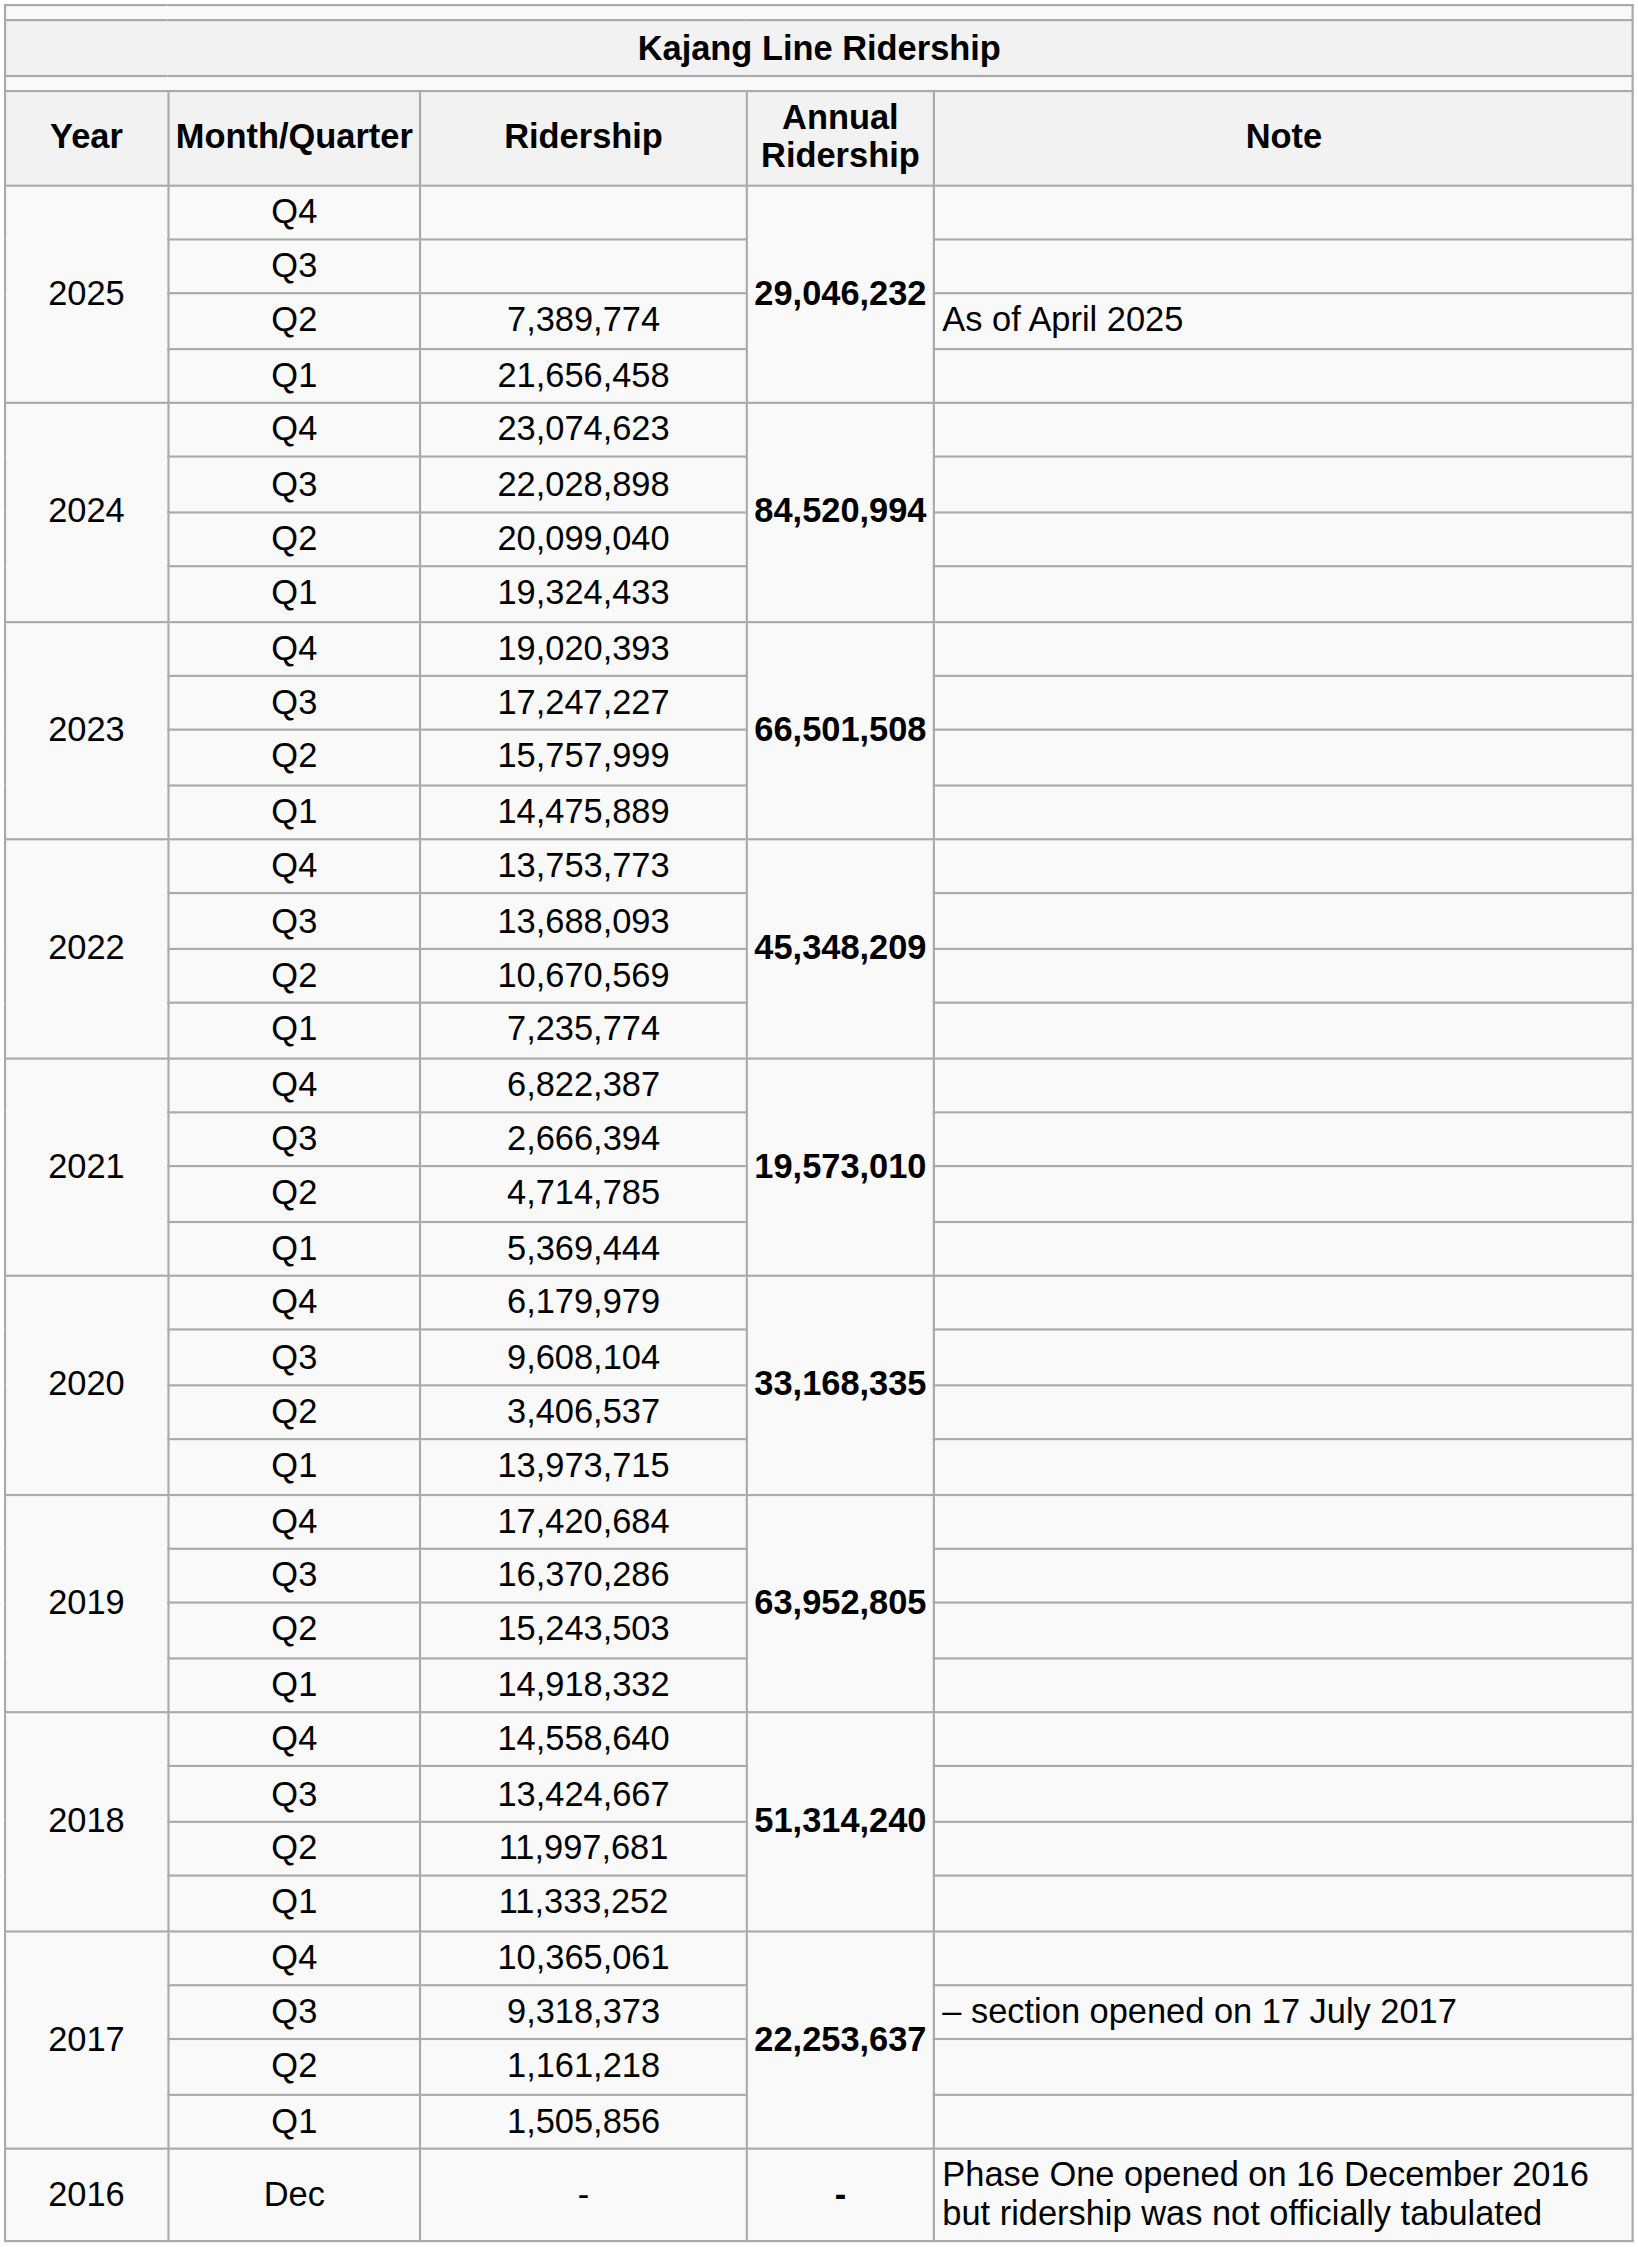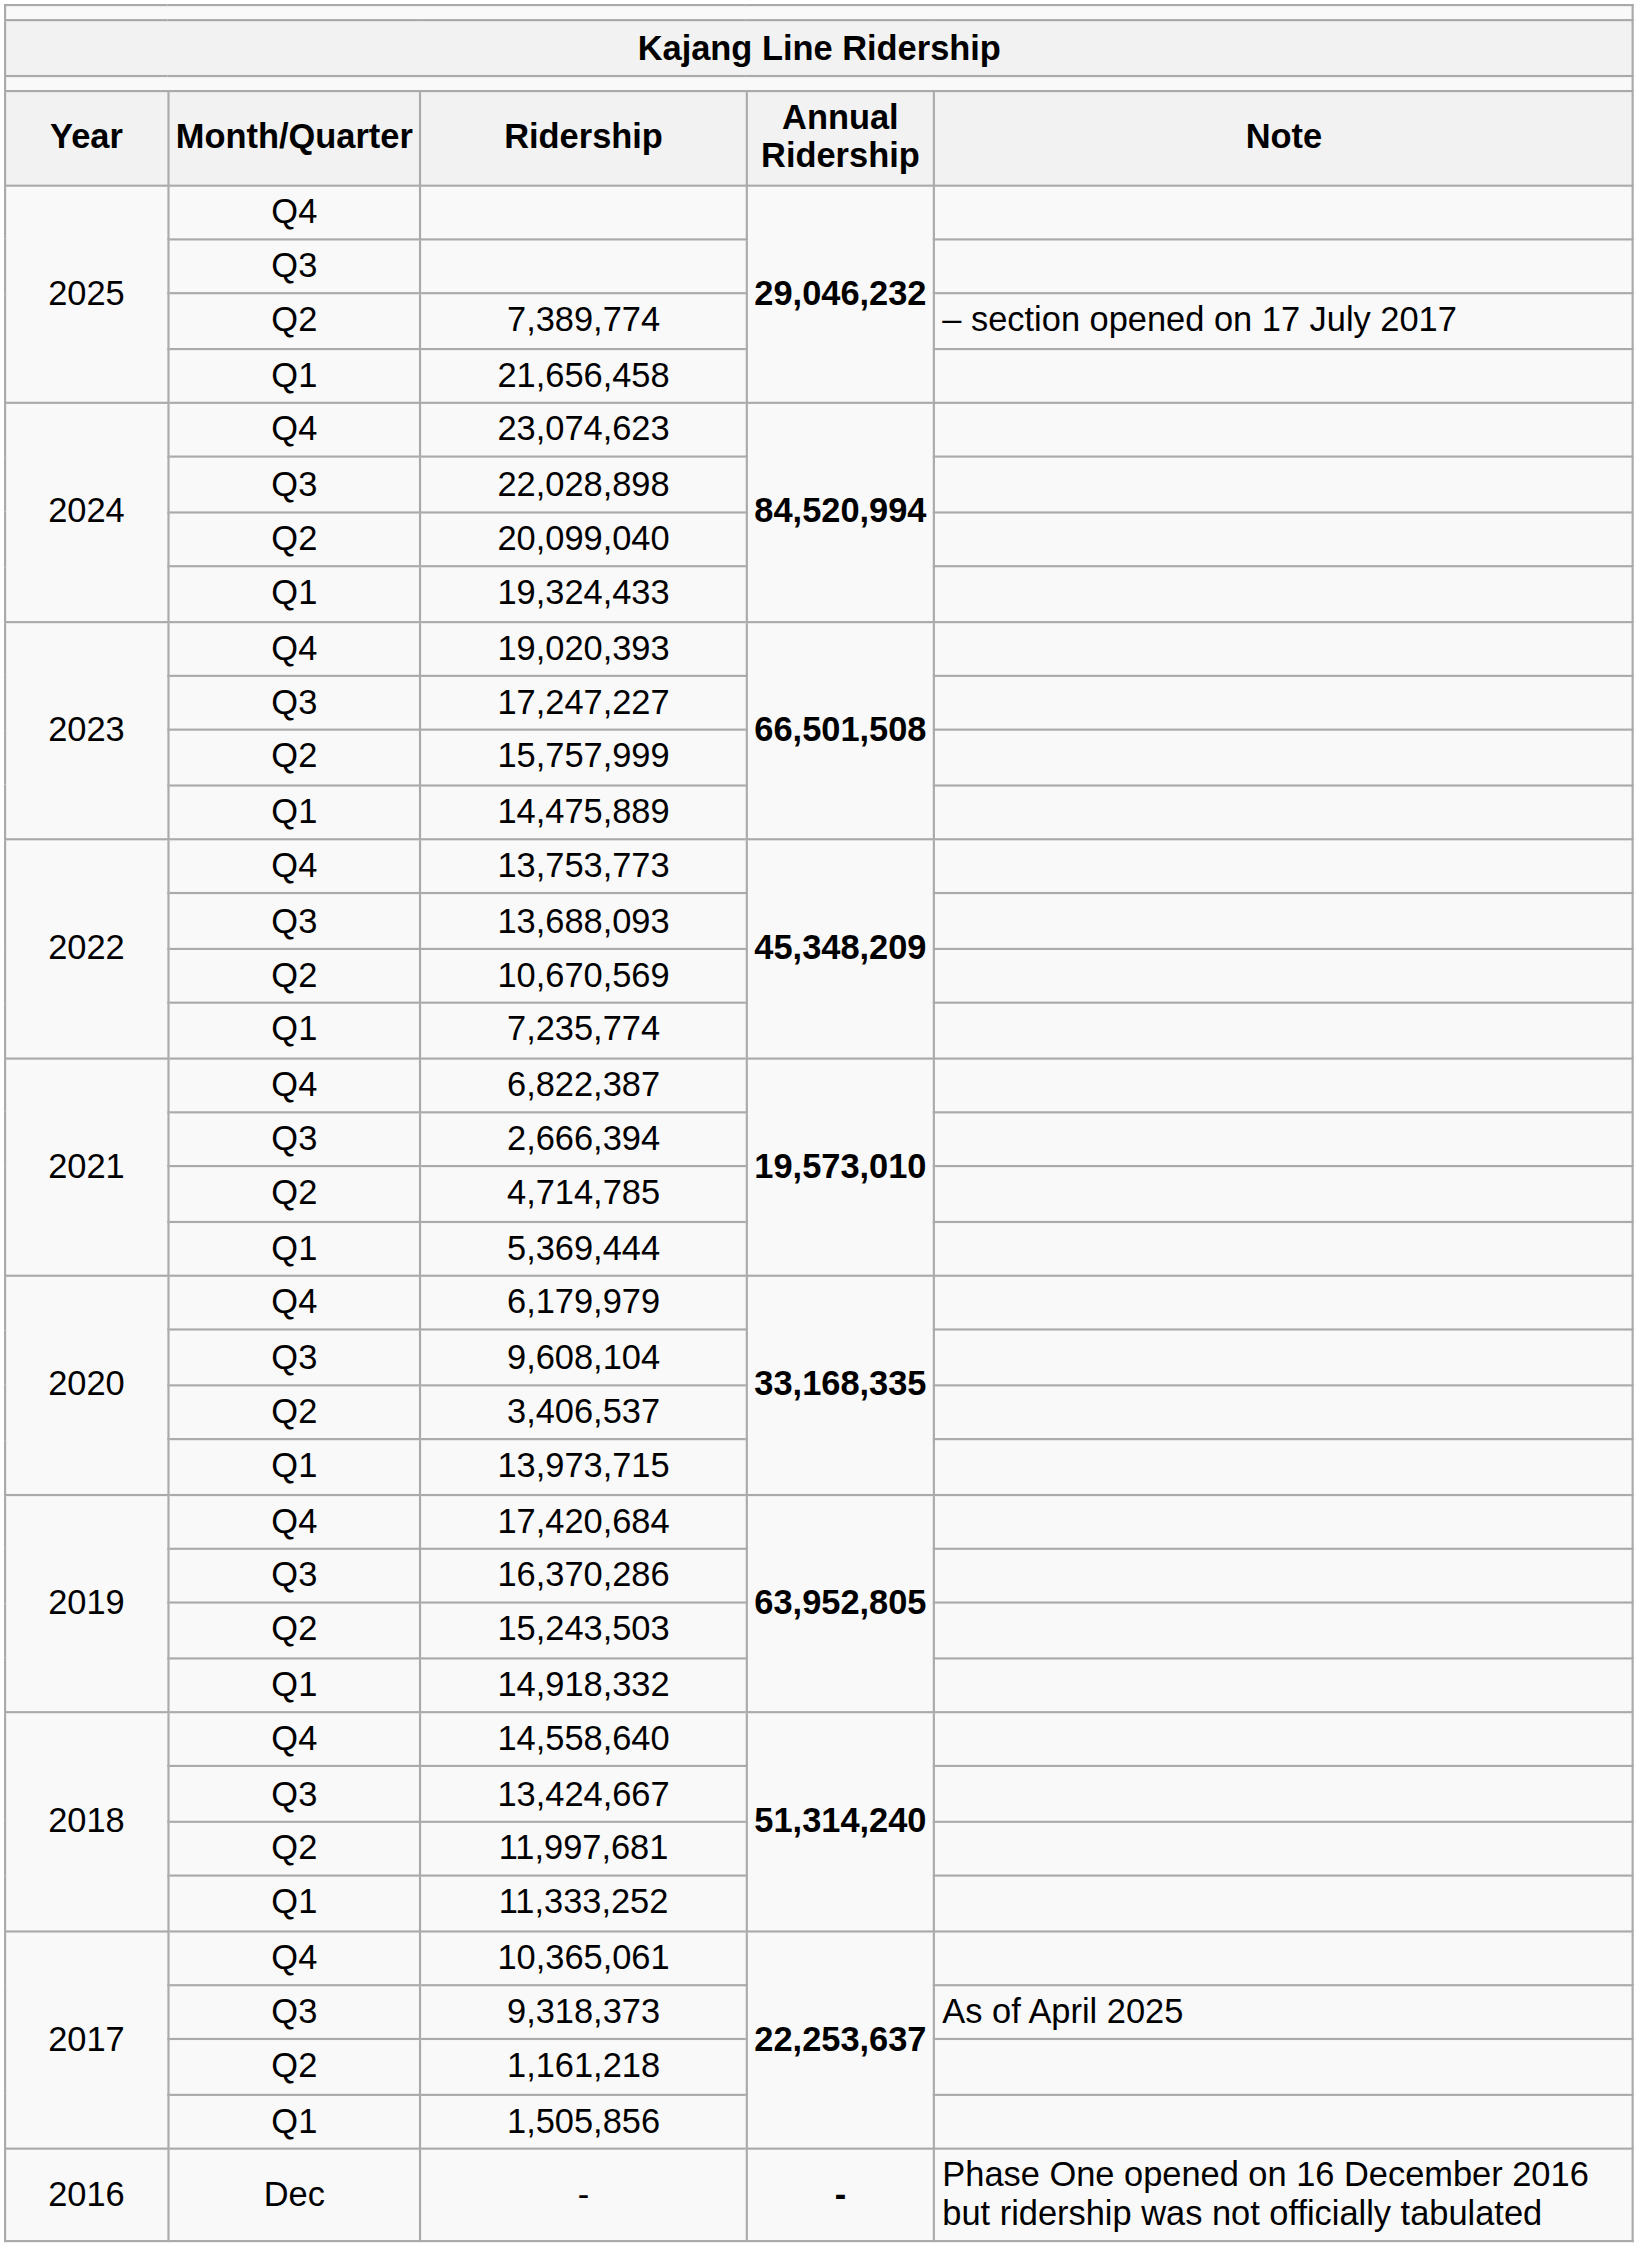 <table class="wikitable" style="width:60%">
 <tr>
 <td colspan="5" align="center"></td>
 </tr>
 <tr>
 <th colspan="5" align="center">Kajang Line Ridership</th>
 </tr>
 <tr>
 <td colspan="5" align="center"></td>
 </tr>
 <tr>
 <th style="width:10%">Year</th>
 <th style="width:10%">Month/Quarter</th>
 <th style="width:20%">Ridership</th>
 <th style="width:10%">Annual Ridership</th>
 <th>Note</th>
 </tr>
 <tr>
 <td rowspan="4" align="center">2025</td>
 <td align="center">Q4</td>
 <td align="center"></td>
 <td rowspan="4" align="center"><strong>29,046,232</strong></td>
 <td></td>
 </tr>
 <tr>
 <td align="center">Q3</td>
 <td align="center"></td>
 <td></td>
 </tr>
 <tr>
 <td align="center">Q2</td>
 <td align="center">7,389,774</td>
-<td>As of April 2025</td>
+<td>  –   section opened on 17 July 2017</td>
 </tr>
 <tr>
 <td align="center">Q1</td>
 <td align="center">21,656,458</td>
 <td></td>
 </tr>
 <tr>
 <td rowspan="4" align="center">2024</td>
 <td align="center">Q4</td>
 <td align="center">23,074,623</td>
 <td rowspan="4" align="center"><strong>84,520,994</strong></td>
 <td></td>
 </tr>
 <tr>
 <td align="center">Q3</td>
 <td align="center">22,028,898</td>
 <td></td>
 </tr>
 <tr>
 <td align="center">Q2</td>
 <td align="center">20,099,040</td>
 <td></td>
 </tr>
 <tr>
 <td align="center">Q1</td>
 <td align="center">19,324,433</td>
 <td></td>
 </tr>
 <tr>
 <td rowspan="4" align="center">2023</td>
 <td align="center">Q4</td>
 <td align="center">19,020,393</td>
 <td rowspan="4" align="center"><strong>66,501,508</strong></td>
 <td></td>
 </tr>
 <tr>
 <td align="center">Q3</td>
 <td align="center">17,247,227</td>
 <td></td>
 </tr>
 <tr>
 <td align="center">Q2</td>
 <td align="center">15,757,999</td>
 <td></td>
 </tr>
 <tr>
 <td align="center">Q1</td>
 <td align="center">14,475,889</td>
 <td></td>
 </tr>
 <tr>
 <td rowspan="4" align="center">2022</td>
 <td align="center">Q4</td>
 <td align="center">13,753,773</td>
 <td rowspan="4" align="center"><strong>45,348,209</strong></td>
 <td></td>
 </tr>
 <tr>
 <td align="center">Q3</td>
 <td align="center">13,688,093</td>
 <td></td>
 </tr>
 <tr>
 <td align="center">Q2</td>
 <td align="center">10,670,569</td>
 <td></td>
 </tr>
 <tr>
 <td align="center">Q1</td>
 <td align="center">7,235,774</td>
 <td></td>
 </tr>
 <tr>
 <td rowspan="4" align="center">2021</td>
 <td align="center">Q4</td>
 <td align="center">6,822,387</td>
 <td rowspan="4" align="center"><strong>19,573,010</strong></td>
 <td></td>
 </tr>
 <tr>
 <td align="center">Q3</td>
 <td align="center">2,666,394</td>
 <td></td>
 </tr>
 <tr>
 <td align="center">Q2</td>
 <td align="center">4,714,785</td>
 <td></td>
 </tr>
 <tr>
 <td align="center">Q1</td>
 <td align="center">5,369,444</td>
 <td></td>
 </tr>
 <tr>
 <td rowspan="4" align="center">2020</td>
 <td align="center">Q4</td>
 <td align="center">6,179,979</td>
 <td rowspan="4" align="center"><strong>33,168,335</strong></td>
 <td></td>
 </tr>
 <tr>
 <td align="center">Q3</td>
 <td align="center">9,608,104</td>
 <td></td>
 </tr>
 <tr>
 <td align="center">Q2</td>
 <td align="center">3,406,537</td>
 <td></td>
 </tr>
 <tr>
 <td align="center">Q1</td>
 <td align="center">13,973,715</td>
 <td></td>
 </tr>
 <tr>
 <td rowspan="4" align="center">2019</td>
 <td align="center">Q4</td>
 <td align="center">17,420,684</td>
 <td rowspan="4" align="center"><strong>63,952,805</strong></td>
 <td></td>
 </tr>
 <tr>
 <td align="center">Q3</td>
 <td align="center">16,370,286</td>
 <td></td>
 </tr>
 <tr>
 <td align="center">Q2</td>
 <td align="center">15,243,503</td>
 <td></td>
 </tr>
 <tr>
 <td align="center">Q1</td>
 <td align="center">14,918,332</td>
 <td></td>
 </tr>
 <tr>
 <td rowspan="4" align="center">2018</td>
 <td align="center">Q4</td>
 <td align="center">14,558,640</td>
 <td rowspan="4" align="center"><strong>51,314,240</strong></td>
 <td></td>
 </tr>
 <tr>
 <td align="center">Q3</td>
 <td align="center">13,424,667</td>
 <td></td>
 </tr>
 <tr>
 <td align="center">Q2</td>
 <td align="center">11,997,681</td>
 <td></td>
 </tr>
 <tr>
 <td align="center">Q1</td>
 <td align="center">11,333,252</td>
 <td></td>
 </tr>
 <tr>
 <td rowspan="4" align="center">2017</td>
 <td align="center">Q4</td>
 <td align="center">10,365,061</td>
 <td rowspan="4" align="center"><strong>22,253,637</strong></td>
 <td></td>
 </tr>
 <tr>
 <td align="center">Q3</td>
 <td align="center">9,318,373</td>
-<td>  –   section opened on 17 July 2017</td>
+<td>As of April 2025</td>
 </tr>
 <tr>
 <td align="center">Q2</td>
 <td align="center">1,161,218</td>
 <td></td>
 </tr>
 <tr>
 <td align="center">Q1</td>
 <td align="center">1,505,856</td>
 <td></td>
 </tr>
 <tr>
 <td align="center">2016</td>
 <td align="center">Dec</td>
 <td align="center">-</td>
 <td align="center"><strong>-</strong></td>
 <td>Phase One opened on 16 December 2016 but ridership was not officially tabulated</td>
 </tr>
 </table>
